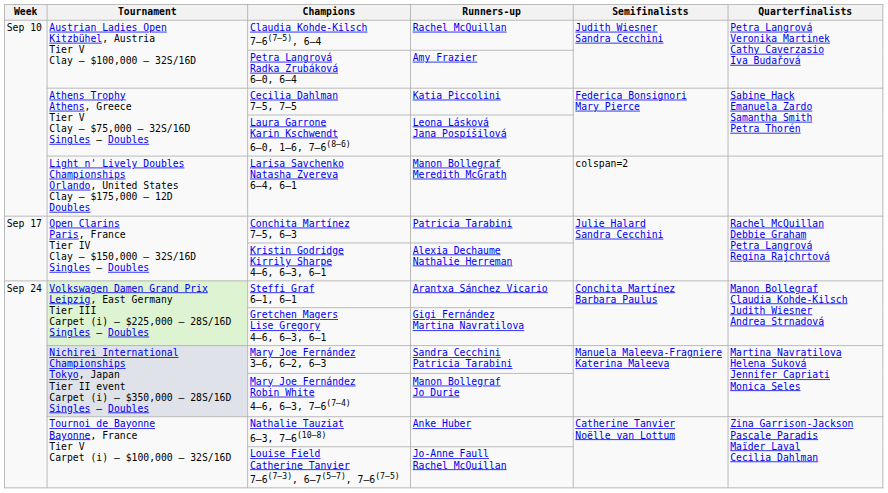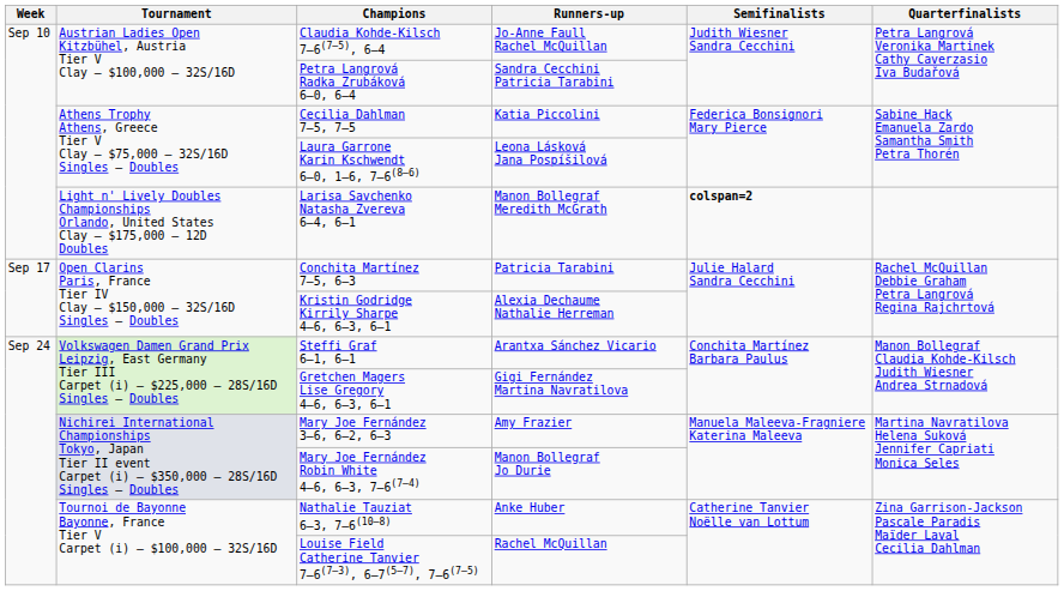 <table class=wikitable style=font-size:95%>
 <tr>
 <th style="width:48px;">Week</th>
 <th style="width:248px;">Tournament</th>
 <th style="width:200px;">Champions</th>
 <th style="width:200px;">Runners-up</th>
 <th style="width:190px;">Semifinalists</th>
 <th style="width:190px;">Quarterfinalists</th>
 </tr>
 <tr valign=top>
 <td rowspan=5>Sep 10</td>
 <td rowspan=2><a href='#'>Austrian Ladies Open</a><br><a href='#'>Kitzbühel</a>, Austria<br>Tier V <br>Clay – $100,000 – 32S/16D</td>
 <td> <a href='#'>Claudia Kohde-Kilsch</a><br>7–6<sup>(7–5)</sup>, 6–4</td>
-<td> <a href='#'>Rachel McQuillan</a></td>
+<td> <a href='#'>Jo-Anne Faull</a><br> <a href='#'>Rachel McQuillan</a></td>
 <td rowspan=2> <a href='#'>Judith Wiesner</a> <br>  <a href='#'>Sandra Cecchini</a></td>
 <td rowspan=2> <a href='#'>Petra Langrová</a> <br>  <a href='#'>Veronika Martinek</a> <br>  <a href='#'>Cathy Caverzasio</a> <br>  <a href='#'>Iva Budařová</a></td>
 </tr>
 <tr valign=top>
 <td> <a href='#'>Petra Langrová</a><br> <a href='#'>Radka Zrubáková</a><br>6–0, 6–4</td>
-<td> <a href='#'>Amy Frazier</a></td>
+<td> <a href='#'>Sandra Cecchini</a><br> <a href='#'>Patricia Tarabini</a></td>
 </tr>
 <tr valign=top>
 <td rowspan=2><a href='#'>Athens Trophy</a><br><a href='#'>Athens</a>, Greece<br>Tier V <br>Clay – $75,000 – 32S/16D<br><a href='#'>Singles</a> – <a href='#'>Doubles</a></td>
 <td> <a href='#'>Cecilia Dahlman</a><br>7–5, 7–5</td>
 <td> <a href='#'>Katia Piccolini</a></td>
 <td rowspan=2> <a href='#'>Federica Bonsignori</a> <br>  <a href='#'>Mary Pierce</a></td>
 <td rowspan=2> <a href='#'>Sabine Hack</a> <br>  <a href='#'>Emanuela Zardo</a> <br>  <a href='#'>Samantha Smith</a> <br>  <a href='#'>Petra Thorén</a></td>
 </tr>
 <tr valign=top>
 <td> <a href='#'>Laura Garrone</a><br> <a href='#'>Karin Kschwendt</a><br>6–0, 1–6, 7–6<sup>(8–6)</sup></td>
 <td> <a href='#'>Leona Lásková</a><br> <a href='#'>Jana Pospíšilová</a></td>
 </tr>
 <tr valign=top>
 <td style="background:;"><a href='#'>Light n' Lively Doubles Championships</a><br><a href='#'>Orlando</a>, United States<br>Clay – $175,000 – 12D<br><a href='#'>Doubles</a></td>
 <td> <a href='#'>Larisa Savchenko</a><br> <a href='#'>Natasha Zvereva</a><br>6–4, 6–1</td>
 <td> <a href='#'>Manon Bollegraf</a><br> <a href='#'>Meredith McGrath</a></td>
-<td>colspan=2 </td>
+<td><strong>colspan=2 </strong></td>
 </tr>
 <tr valign=top>
 <td rowspan=2>Sep 17</td>
 <td rowspan=2><a href='#'>Open Clarins</a><br><a href='#'>Paris</a>, France<br>Tier IV <br>Clay – $150,000 – 32S/16D<br><a href='#'>Singles</a> – <a href='#'>Doubles</a></td>
 <td> <a href='#'>Conchita Martínez</a><br>7–5, 6–3</td>
 <td> <a href='#'>Patricia Tarabini</a></td>
 <td rowspan=2> <a href='#'>Julie Halard</a> <br>  <a href='#'>Sandra Cecchini</a></td>
 <td rowspan=2> <a href='#'>Rachel McQuillan</a> <br>  <a href='#'>Debbie Graham</a> <br>  <a href='#'>Petra Langrová</a> <br>  <a href='#'>Regina Rajchrtová</a></td>
 </tr>
 <tr valign=top>
 <td> <a href='#'>Kristin Godridge</a><br> <a href='#'>Kirrily Sharpe</a><br>4–6, 6–3, 6–1</td>
 <td> <a href='#'>Alexia Dechaume</a><br> <a href='#'>Nathalie Herreman</a></td>
 </tr>
 <tr valign=top>
 <td rowspan=6>Sep 24</td>
 <td rowspan=2 bgcolor=#DDF3D1><a href='#'>Volkswagen Damen Grand Prix</a><br><a href='#'>Leipzig</a>, East Germany<br>Tier III <br>Carpet (i) – $225,000 – 28S/16D<br><a href='#'>Singles</a> – <a href='#'>Doubles</a></td>
 <td> <a href='#'>Steffi Graf</a><br>6–1, 6–1</td>
 <td> <a href='#'>Arantxa Sánchez Vicario</a></td>
 <td rowspan=2> <a href='#'>Conchita Martínez</a> <br>  <a href='#'>Barbara Paulus</a></td>
 <td rowspan=2> <a href='#'>Manon Bollegraf</a> <br>  <a href='#'>Claudia Kohde-Kilsch</a> <br>  <a href='#'>Judith Wiesner</a> <br>  <a href='#'>Andrea Strnadová</a></td>
 </tr>
 <tr valign=top>
 <td> <a href='#'>Gretchen Magers</a><br> <a href='#'>Lise Gregory</a><br>4–6, 6–3, 6–1</td>
 <td> <a href='#'>Gigi Fernández</a><br> <a href='#'>Martina Navratilova</a></td>
 </tr>
 <tr valign=top>
 <td rowspan=2 bgcolor=#dfe2e9><a href='#'>Nichirei International Championships</a><br><a href='#'>Tokyo</a>, Japan<br>Tier II event<br>Carpet (i) – $350,000 – 28S/16D<br><a href='#'>Singles</a> – <a href='#'>Doubles</a></td>
 <td> <a href='#'>Mary Joe Fernández</a><br>3–6, 6–2, 6–3</td>
-<td> <a href='#'>Sandra Cecchini</a><br> <a href='#'>Patricia Tarabini</a></td>
+<td> <a href='#'>Amy Frazier</a></td>
 <td rowspan=2> <a href='#'>Manuela Maleeva-Fragniere</a> <br>  <a href='#'>Katerina Maleeva</a></td>
 <td rowspan=2> <a href='#'>Martina Navratilova</a> <br>  <a href='#'>Helena Suková</a> <br>  <a href='#'>Jennifer Capriati</a> <br>  <a href='#'>Monica Seles</a></td>
 </tr>
 <tr valign=top>
 <td> <a href='#'>Mary Joe Fernández</a><br> <a href='#'>Robin White</a><br>4–6, 6–3, 7–6<sup>(7–4)</sup></td>
 <td> <a href='#'>Manon Bollegraf</a><br> <a href='#'>Jo Durie</a></td>
 </tr>
 <tr valign=top>
 <td rowspan=2><a href='#'>Tournoi de Bayonne</a><br><a href='#'>Bayonne</a>, France<br>Tier V <br>Carpet (i) – $100,000 – 32S/16D</td>
 <td> <a href='#'>Nathalie Tauziat</a><br>6–3, 7–6<sup>(10–8)</sup></td>
 <td> <a href='#'>Anke Huber</a></td>
 <td rowspan=2> <a href='#'>Catherine Tanvier</a> <br>  <a href='#'>Noëlle van Lottum</a></td>
 <td rowspan=2> <a href='#'>Zina Garrison-Jackson</a> <br>  <a href='#'>Pascale Paradis</a> <br>  <a href='#'>Maïder Laval</a> <br>  <a href='#'>Cecilia Dahlman</a></td>
 </tr>
 <tr valign=top>
 <td> <a href='#'>Louise Field</a><br> <a href='#'>Catherine Tanvier</a><br>7–6<sup>(7–3)</sup>, 6–7<sup>(5–7)</sup>, 7–6<sup>(7–5)</sup></td>
-<td> <a href='#'>Jo-Anne Faull</a><br> <a href='#'>Rachel McQuillan</a></td>
+<td> <a href='#'>Rachel McQuillan</a></td>
 </tr>
 </table>
